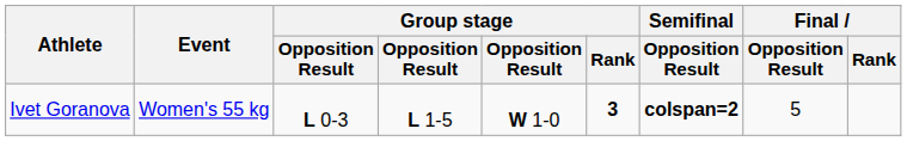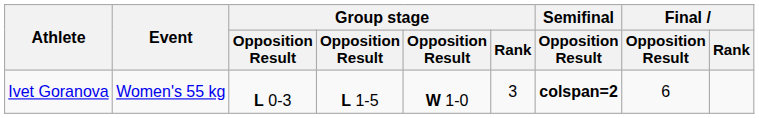 <table class="wikitable" style="font-size:90%;">
 <tr>
 <th rowspan=2>Athlete</th>
 <th rowspan=2>Event</th>
 <th colspan=4>Group stage</th>
 <th>Semifinal</th>
 <th colspan=2>Final / </th>
 </tr>
 <tr style="font-size:95%">
 <th>Opposition<br>Result</th>
 <th>Opposition<br>Result</th>
 <th>Opposition<br>Result</th>
 <th>Rank</th>
 <th>Opposition<br>Result</th>
 <th>Opposition<br>Result</th>
 <th>Rank</th>
 </tr>
 <tr align=center>
 <td align=left><a href='#'>Ivet Goranova</a></td>
 <td align=left><a href='#'>Women's 55 kg</a></td>
 <td><br><strong>L</strong> 0-3</td>
 <td><br><strong>L</strong> 1-5</td>
 <td><br><strong>W</strong> 1-0</td>
-<td><strong>3</strong></td>
+<td>3</td>
 <td><strong>colspan=2 </strong></td>
-<td>5</td>
+<td>6</td>
 </tr>
 </table>
